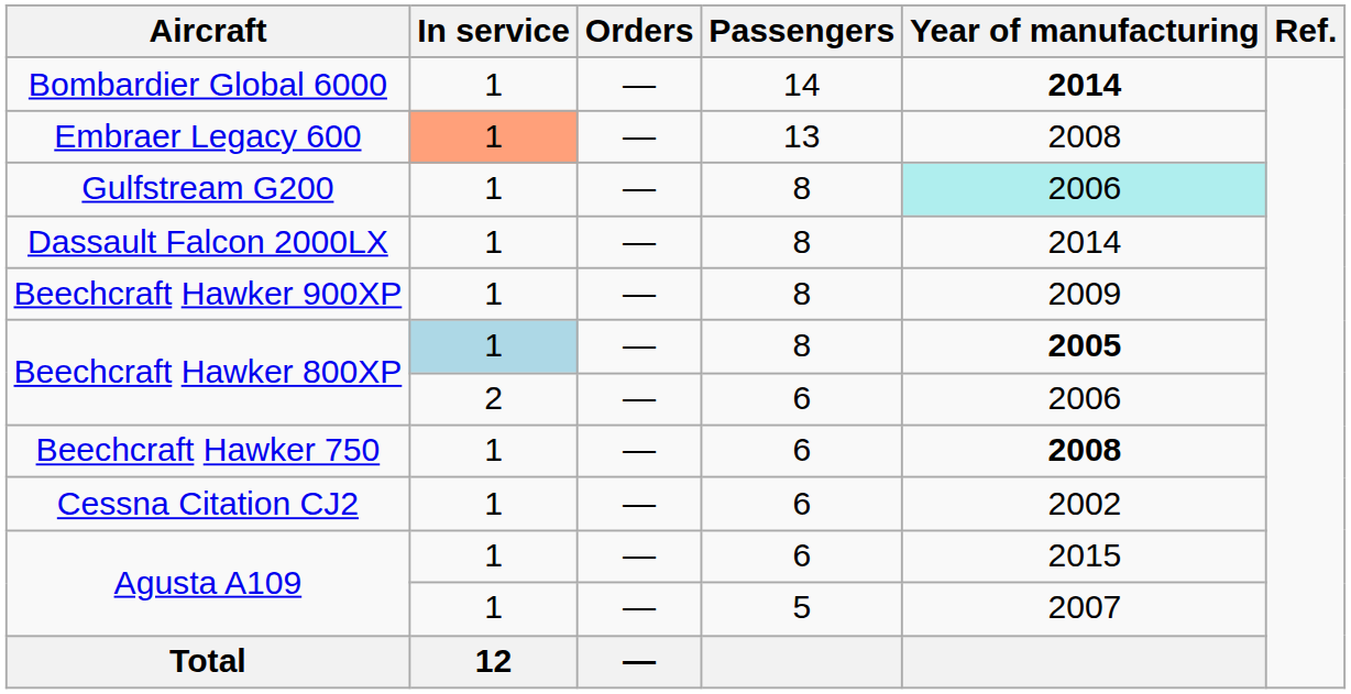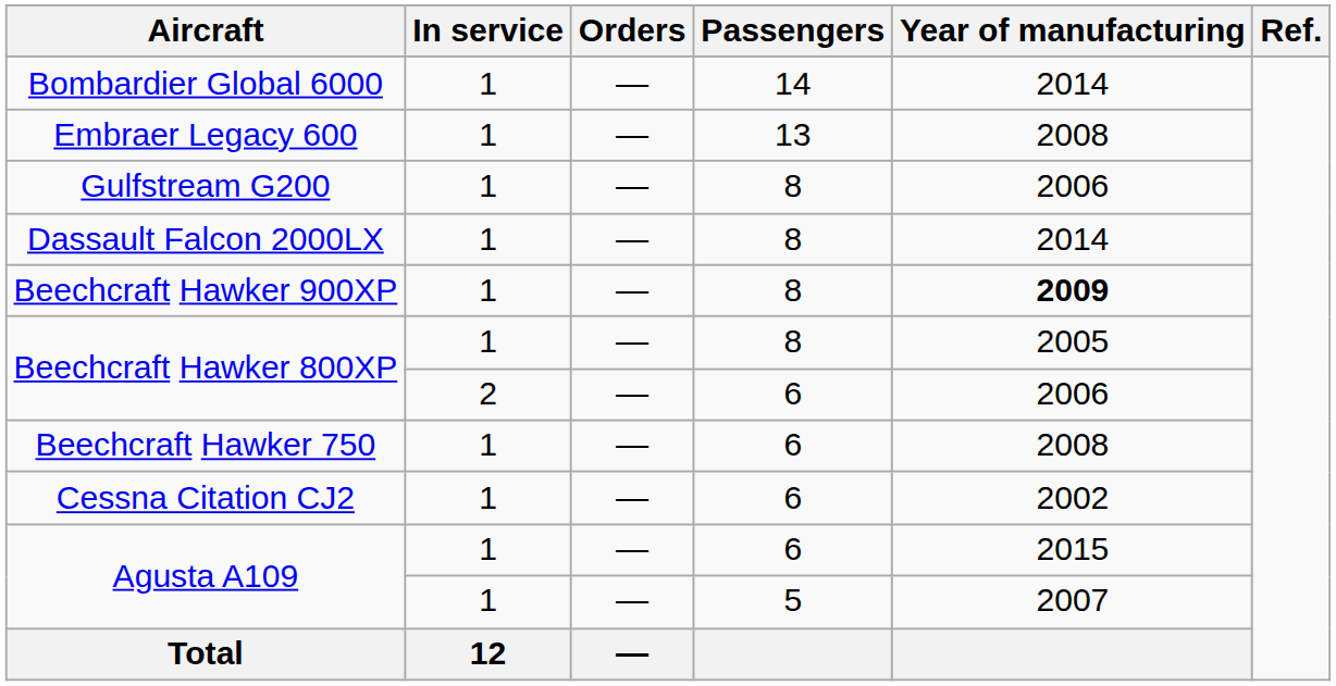 <table class="wikitable" style="border-collapse:collapse;text-align:center;margin:auto;">
 <tr>
 <th>Aircraft</th>
 <th>In service</th>
 <th>Orders</th>
 <th>Passengers</th>
 <th>Year of manufacturing</th>
 <th>Ref.</th>
 </tr>
 <tr>
 <td><a href='#'>Bombardier Global 6000</a></td>
 <td>1</td>
 <td>—</td>
 <td>14</td>
-<td><strong>2014</strong></td>
+<td>2014</td>
 <td rowspan="12"></td>
 </tr>
 <tr>
 <td><a href='#'>Embraer Legacy 600</a></td>
-<td style="background: lightsalmon;">1</td>
+<td>1</td>
 <td>—</td>
 <td>13</td>
 <td>2008</td>
 </tr>
 <tr>
 <td><a href='#'>Gulfstream G200</a></td>
 <td>1</td>
 <td>—</td>
 <td>8</td>
-<td style="background: paleturquoise;">2006</td>
+<td>2006</td>
 </tr>
 <tr>
 <td><a href='#'>Dassault Falcon 2000LX</a></td>
 <td>1</td>
 <td>—</td>
 <td>8</td>
 <td>2014</td>
 </tr>
 <tr>
 <td><a href='#'>Beechcraft</a> <a href='#'>Hawker 900XP</a></td>
 <td>1</td>
 <td>—</td>
 <td>8</td>
-<td>2009</td>
+<td><strong>2009</strong></td>
 </tr>
 <tr>
 <td rowspan="2"><a href='#'>Beechcraft</a> <a href='#'>Hawker 800XP</a></td>
-<td style="background: lightblue;">1</td>
+<td>1</td>
 <td>—</td>
 <td>8</td>
-<td><strong>2005</strong></td>
+<td>2005</td>
 </tr>
 <tr>
 <td>2</td>
 <td>—</td>
 <td>6</td>
 <td>2006</td>
 </tr>
 <tr>
 <td><a href='#'>Beechcraft</a> <a href='#'>Hawker 750</a></td>
 <td>1</td>
 <td>—</td>
 <td>6</td>
-<td><strong>2008</strong></td>
+<td>2008</td>
 </tr>
 <tr>
 <td><a href='#'>Cessna Citation CJ2</a></td>
 <td>1</td>
 <td>—</td>
 <td>6</td>
 <td>2002</td>
 </tr>
 <tr>
 <td rowspan="2"><a href='#'>Agusta A109</a></td>
 <td>1</td>
 <td>—</td>
 <td>6</td>
 <td>2015</td>
 </tr>
 <tr>
 <td>1</td>
 <td>—</td>
 <td>5</td>
 <td>2007</td>
 </tr>
 <tr>
 <th>Total</th>
 <th>12</th>
 <th>—</th>
 <th></th>
 <th></th>
 </tr>
 </table>
